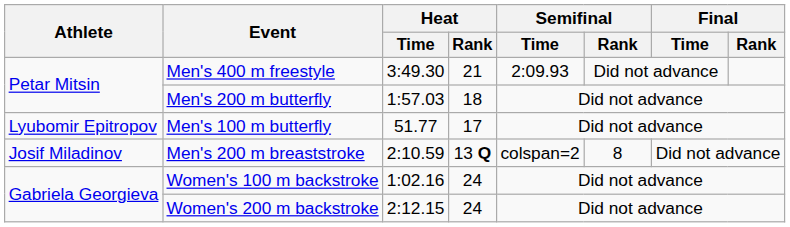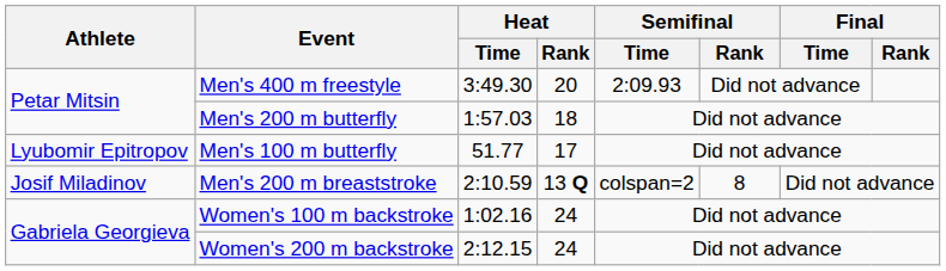 <table class=wikitable style="font-size:90%;">
 <tr>
 <th rowspan=2>Athlete</th>
 <th rowspan=2>Event</th>
 <th colspan=2>Heat</th>
 <th colspan=2>Semifinal</th>
 <th colspan=2>Final</th>
 </tr>
 <tr style="font-size:95%">
 <th>Time</th>
 <th>Rank</th>
 <th>Time</th>
 <th>Rank</th>
 <th>Time</th>
 <th>Rank</th>
 </tr>
 <tr align=center>
 <td align=left rowspan=2><a href='#'>Petar Mitsin</a></td>
 <td align=left><a href='#'>Men's 400 m freestyle</a></td>
 <td>3:49.30</td>
-<td>21</td>
+<td>20</td>
 <td>2:09.93</td>
 <td colspan=2>Did not advance</td>
 </tr>
 <tr align=center>
 <td align=left><a href='#'>Men's 200 m butterfly</a></td>
 <td>1:57.03</td>
 <td>18</td>
 <td colspan=4>Did not advance</td>
 </tr>
 <tr align=center>
 <td align=left><a href='#'>Lyubomir Epitropov</a></td>
 <td align=left><a href='#'>Men's 100 m butterfly</a></td>
 <td>51.77</td>
 <td>17</td>
 <td colspan="4">Did not advance</td>
 </tr>
 <tr align=center>
 <td align=left><a href='#'>Josif Miladinov</a></td>
 <td align=left><a href='#'>Men's 200 m breaststroke</a></td>
 <td>2:10.59</td>
 <td>13 <strong>Q</strong></td>
 <td>colspan=2 </td>
 <td>8</td>
 <td colspan=2>Did not advance</td>
 </tr>
 <tr align=center>
 <td align=left rowspan=2><a href='#'>Gabriela Georgieva</a></td>
 <td align=left><a href='#'>Women's 100 m backstroke</a></td>
 <td>1:02.16</td>
 <td>24</td>
 <td colspan=4>Did not advance</td>
 </tr>
 <tr align=center>
 <td align=left><a href='#'>Women's 200 m backstroke</a></td>
 <td>2:12.15</td>
 <td>24</td>
 <td colspan=4>Did not advance</td>
 </tr>
 </table>
